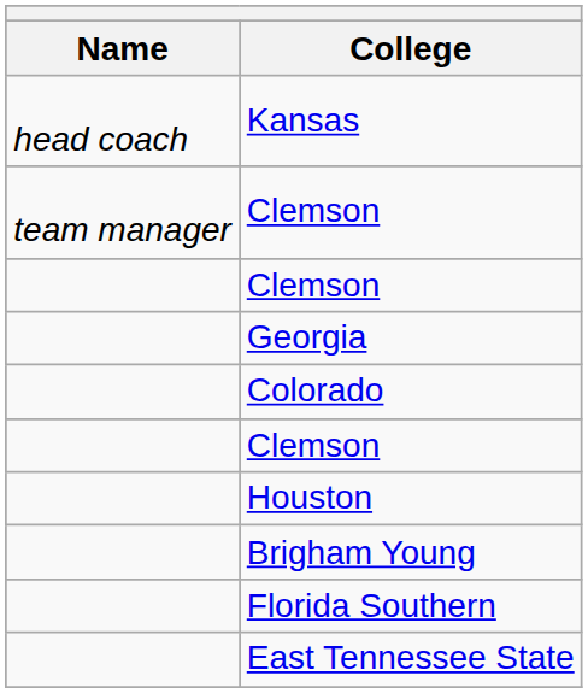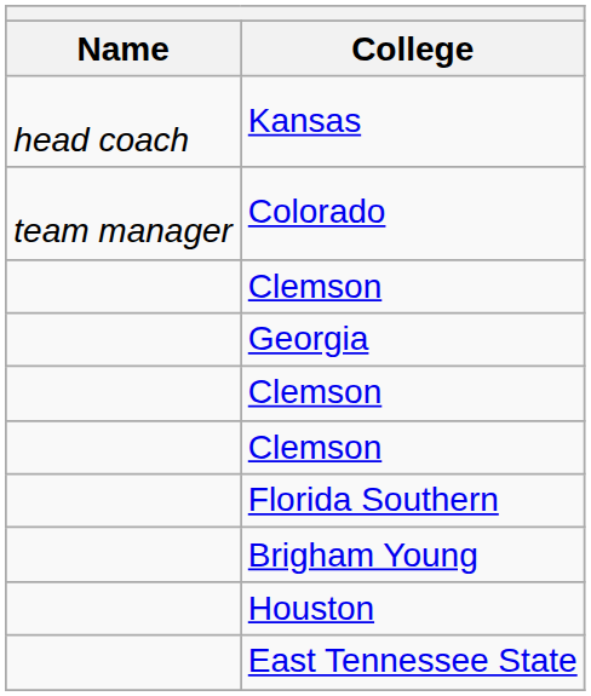 <table class="wikitable sortable">
 <tr>
 <th colspan=2></th>
 </tr>
 <tr>
 <th>Name</th>
 <th>College</th>
 </tr>
 <tr>
 <td><br><em>head coach</em></td>
 <td><a href='#'>Kansas</a></td>
 </tr>
 <tr>
 <td><br><em>team manager</em></td>
-<td><a href='#'>Clemson</a></td>
+<td><a href='#'>Colorado</a></td>
 </tr>
 <tr>
 <td></td>
 <td><a href='#'>Clemson</a></td>
 </tr>
 <tr>
 <td></td>
 <td><a href='#'>Georgia</a></td>
 </tr>
 <tr>
 <td></td>
-<td><a href='#'>Colorado</a></td>
+<td><a href='#'>Clemson</a></td>
 </tr>
 <tr>
 <td></td>
 <td><a href='#'>Clemson</a></td>
 </tr>
 <tr>
 <td></td>
-<td><a href='#'>Houston</a></td>
+<td><a href='#'>Florida Southern</a></td>
 </tr>
 <tr>
 <td></td>
 <td><a href='#'>Brigham Young</a></td>
 </tr>
 <tr>
 <td></td>
-<td><a href='#'>Florida Southern</a></td>
+<td><a href='#'>Houston</a></td>
 </tr>
 <tr>
 <td></td>
 <td><a href='#'>East Tennessee State</a></td>
 </tr>
 </table>
